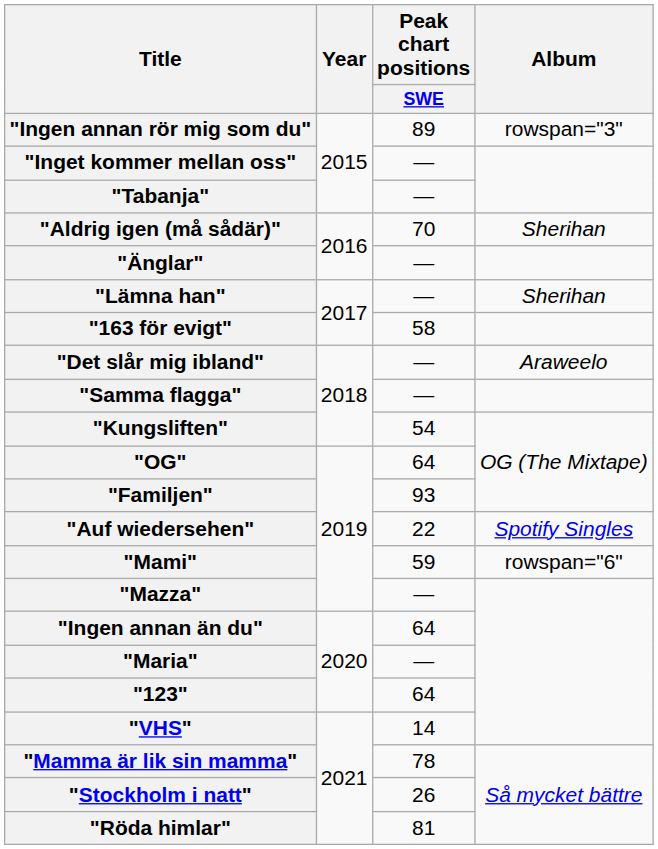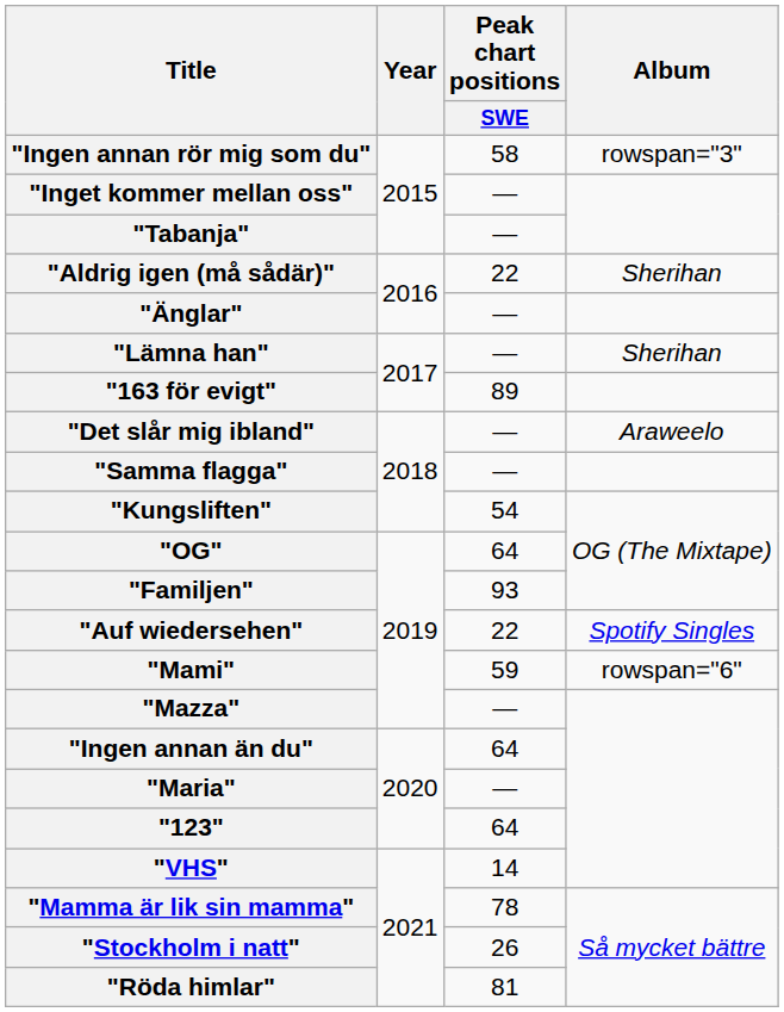 <table class="wikitable plainrowheaders" style="text-align:center;">
 <tr>
 <th scope="col" rowspan="2">Title</th>
 <th scope="col" rowspan="2">Year</th>
 <th scope="col" colspan="1">Peak chart positions</th>
 <th scope="col" rowspan="2">Album</th>
 </tr>
 <tr>
 <th scope="col" style="width:3em;font-size:85%;"><a href='#'>SWE</a><br></th>
 </tr>
 <tr>
 <th scope="row">"Ingen annan rör mig som du"<br></th>
 <td rowspan="3">2015</td>
-<td>89<br></td>
+<td>58<br></td>
 <td>rowspan="3"</td>
 </tr>
 <tr>
 <th scope="row">"Inget kommer mellan oss"<br></th>
 <td>—</td>
 </tr>
 <tr>
 <th scope="row">"Tabanja"</th>
 <td>—</td>
 </tr>
 <tr>
 <th scope="row">"Aldrig igen (må sådär)"<br></th>
 <td rowspan="2">2016</td>
-<td>70<br></td>
+<td>22</td>
 <td><em>Sherihan</em></td>
 </tr>
 <tr>
 <th scope="row">"Änglar"</th>
 <td>—</td>
 <td></td>
 </tr>
 <tr>
 <th scope="row">"Lämna han"</th>
 <td rowspan="2">2017</td>
 <td>—</td>
 <td><em>Sherihan</em></td>
 </tr>
 <tr>
 <th scope="row">"163 för evigt"<br></th>
-<td>58<br></td>
+<td>89<br></td>
 <td></td>
 </tr>
 <tr>
 <th scope="row">"Det slår mig ibland"</th>
 <td rowspan="3">2018</td>
 <td>—</td>
 <td><em>Araweelo</em></td>
 </tr>
 <tr>
 <th scope="row">"Samma flagga"</th>
 <td>—</td>
 <td></td>
 </tr>
 <tr>
 <th scope="row">"Kungsliften"<br></th>
 <td>54<br></td>
 <td rowspan="3"><em>OG (The Mixtape)</em></td>
 </tr>
 <tr>
 <th scope="row">"OG"</th>
 <td rowspan="5">2019</td>
 <td>64</td>
 </tr>
 <tr>
 <th scope="row">"Familjen"<br></th>
 <td>93<br></td>
 </tr>
 <tr>
 <th scope="row">"Auf wiedersehen"</th>
 <td>22</td>
 <td><em><a href='#'>Spotify Singles</a></em></td>
 </tr>
 <tr>
 <th scope="row">"Mami"</th>
 <td>59</td>
 <td>rowspan="6" </td>
 </tr>
 <tr>
 <th scope="row">"Mazza"</th>
 <td>—</td>
 </tr>
 <tr>
 <th scope="row">"Ingen annan än du"</th>
 <td rowspan="3">2020</td>
 <td>64</td>
 </tr>
 <tr>
 <th scope="row">"Maria"</th>
 <td>—</td>
 </tr>
 <tr>
 <th scope="row">"123"<br></th>
 <td>64</td>
 </tr>
 <tr>
 <th scope="row">"<a href='#'>VHS</a>"<br></th>
 <td rowspan="4">2021</td>
 <td>14<br></td>
 </tr>
 <tr>
 <th scope="row">"<a href='#'>Mamma är lik sin mamma</a>"</th>
 <td>78</td>
 <td rowspan="3"><em><a href='#'>Så mycket bättre</a></em></td>
 </tr>
 <tr>
 <th scope="row">"<a href='#'>Stockholm i natt</a>"</th>
 <td>26<br></td>
 </tr>
 <tr>
 <th scope="row">"Röda himlar"</th>
 <td>81<br></td>
 </tr>
 </table>
